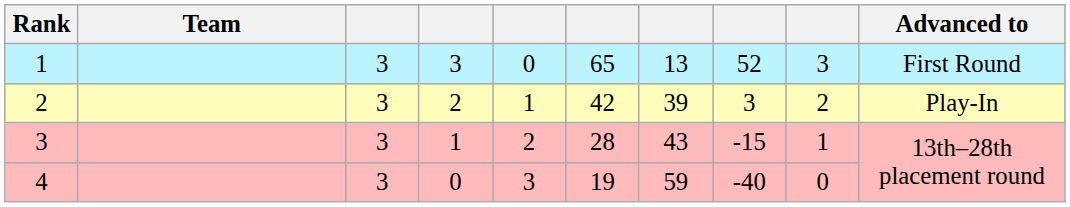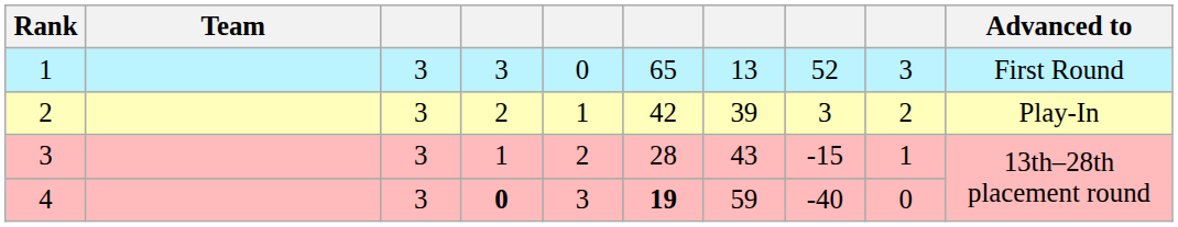 <table class="wikitable" style="text-align:center;">
 <tr>
 <th width=40>Rank</th>
 <th width=165>Team</th>
 <th width=40></th>
 <th width=40></th>
 <th width=40></th>
 <th width=40></th>
 <th width=40></th>
 <th width=40></th>
 <th width=40></th>
 <th width=125>Advanced to</th>
 </tr>
 <tr bgcolor=#bbf3ff>
 <td>1</td>
 <td style="text-align:left;"></td>
 <td>3</td>
 <td>3</td>
 <td>0</td>
 <td>65</td>
 <td>13</td>
 <td>52</td>
 <td>3</td>
 <td>First Round</td>
 </tr>
 <tr bgcolor=#ffffbb>
 <td>2</td>
 <td style="text-align:left;"></td>
 <td>3</td>
 <td>2</td>
 <td>1</td>
 <td>42</td>
 <td>39</td>
 <td>3</td>
 <td>2</td>
 <td>Play-In</td>
 </tr>
 <tr bgcolor=#ffbbbb>
 <td>3</td>
 <td style="text-align:left;"></td>
 <td>3</td>
 <td>1</td>
 <td>2</td>
 <td>28</td>
 <td>43</td>
 <td>-15</td>
 <td>1</td>
 <td rowspan=2>13th–28th placement round</td>
 </tr>
 <tr bgcolor=#ffbbbb>
 <td>4</td>
 <td style="text-align:left;"></td>
 <td>3</td>
-<td>0</td>
+<td><strong>0</strong></td>
 <td>3</td>
-<td>19</td>
+<td><strong>19</strong></td>
 <td>59</td>
 <td>-40</td>
 <td>0</td>
 </tr>
 </table>
